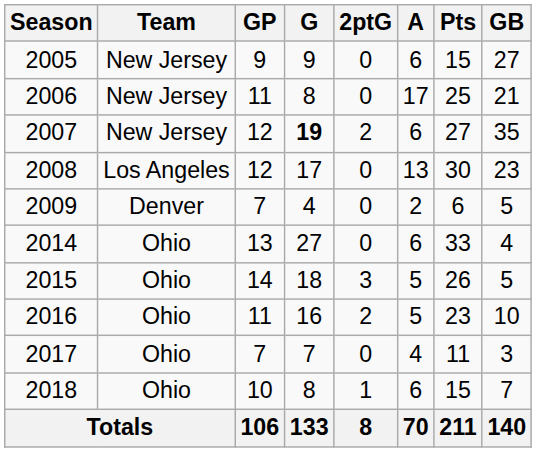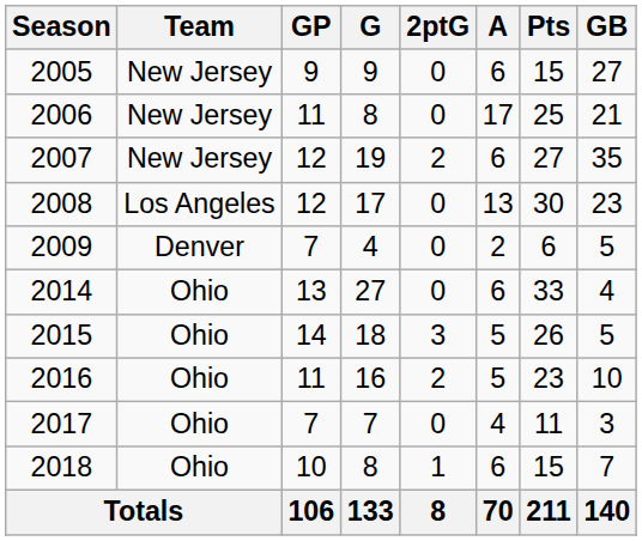 <table class="wikitable" style="text-align:center">
 <tr>
 <th>Season</th>
 <th>Team</th>
 <th>GP</th>
 <th>G</th>
 <th>2ptG</th>
 <th>A</th>
 <th>Pts</th>
 <th>GB</th>
 </tr>
 <tr>
 <td>2005</td>
 <td>New Jersey</td>
 <td>9</td>
 <td>9</td>
 <td>0</td>
 <td>6</td>
 <td>15</td>
 <td>27</td>
 </tr>
 <tr>
 <td>2006</td>
 <td>New Jersey</td>
 <td>11</td>
 <td>8</td>
 <td>0</td>
 <td>17</td>
 <td>25</td>
 <td>21</td>
 </tr>
 <tr>
 <td>2007</td>
 <td>New Jersey</td>
 <td>12</td>
-<td><strong>19</strong></td>
+<td>19</td>
 <td>2</td>
 <td>6</td>
 <td>27</td>
 <td>35</td>
 </tr>
 <tr>
 <td>2008</td>
 <td>Los Angeles</td>
 <td>12</td>
 <td>17</td>
 <td>0</td>
 <td>13</td>
 <td>30</td>
 <td>23</td>
 </tr>
 <tr>
 <td>2009</td>
 <td>Denver</td>
 <td>7</td>
 <td>4</td>
 <td>0</td>
 <td>2</td>
 <td>6</td>
 <td>5</td>
 </tr>
 <tr>
 <td>2014</td>
 <td>Ohio</td>
 <td>13</td>
 <td>27</td>
 <td>0</td>
 <td>6</td>
 <td>33</td>
 <td>4</td>
 </tr>
 <tr>
 <td>2015</td>
 <td>Ohio</td>
 <td>14</td>
 <td>18</td>
 <td>3</td>
 <td>5</td>
 <td>26</td>
 <td>5</td>
 </tr>
 <tr>
 <td>2016</td>
 <td>Ohio</td>
 <td>11</td>
 <td>16</td>
 <td>2</td>
 <td>5</td>
 <td>23</td>
 <td>10</td>
 </tr>
 <tr>
 <td>2017</td>
 <td>Ohio</td>
 <td>7</td>
 <td>7</td>
 <td>0</td>
 <td>4</td>
 <td>11</td>
 <td>3</td>
 </tr>
 <tr>
 <td>2018</td>
 <td>Ohio</td>
 <td>10</td>
 <td>8</td>
 <td>1</td>
 <td>6</td>
 <td>15</td>
 <td>7</td>
 </tr>
 <tr ALIGN="center" bgcolor="#e0e0e0">
 <th colspan=2>Totals</th>
 <th>106</th>
 <th>133</th>
 <th>8</th>
 <th>70</th>
 <th>211</th>
 <th>140</th>
 </tr>
 </table>
